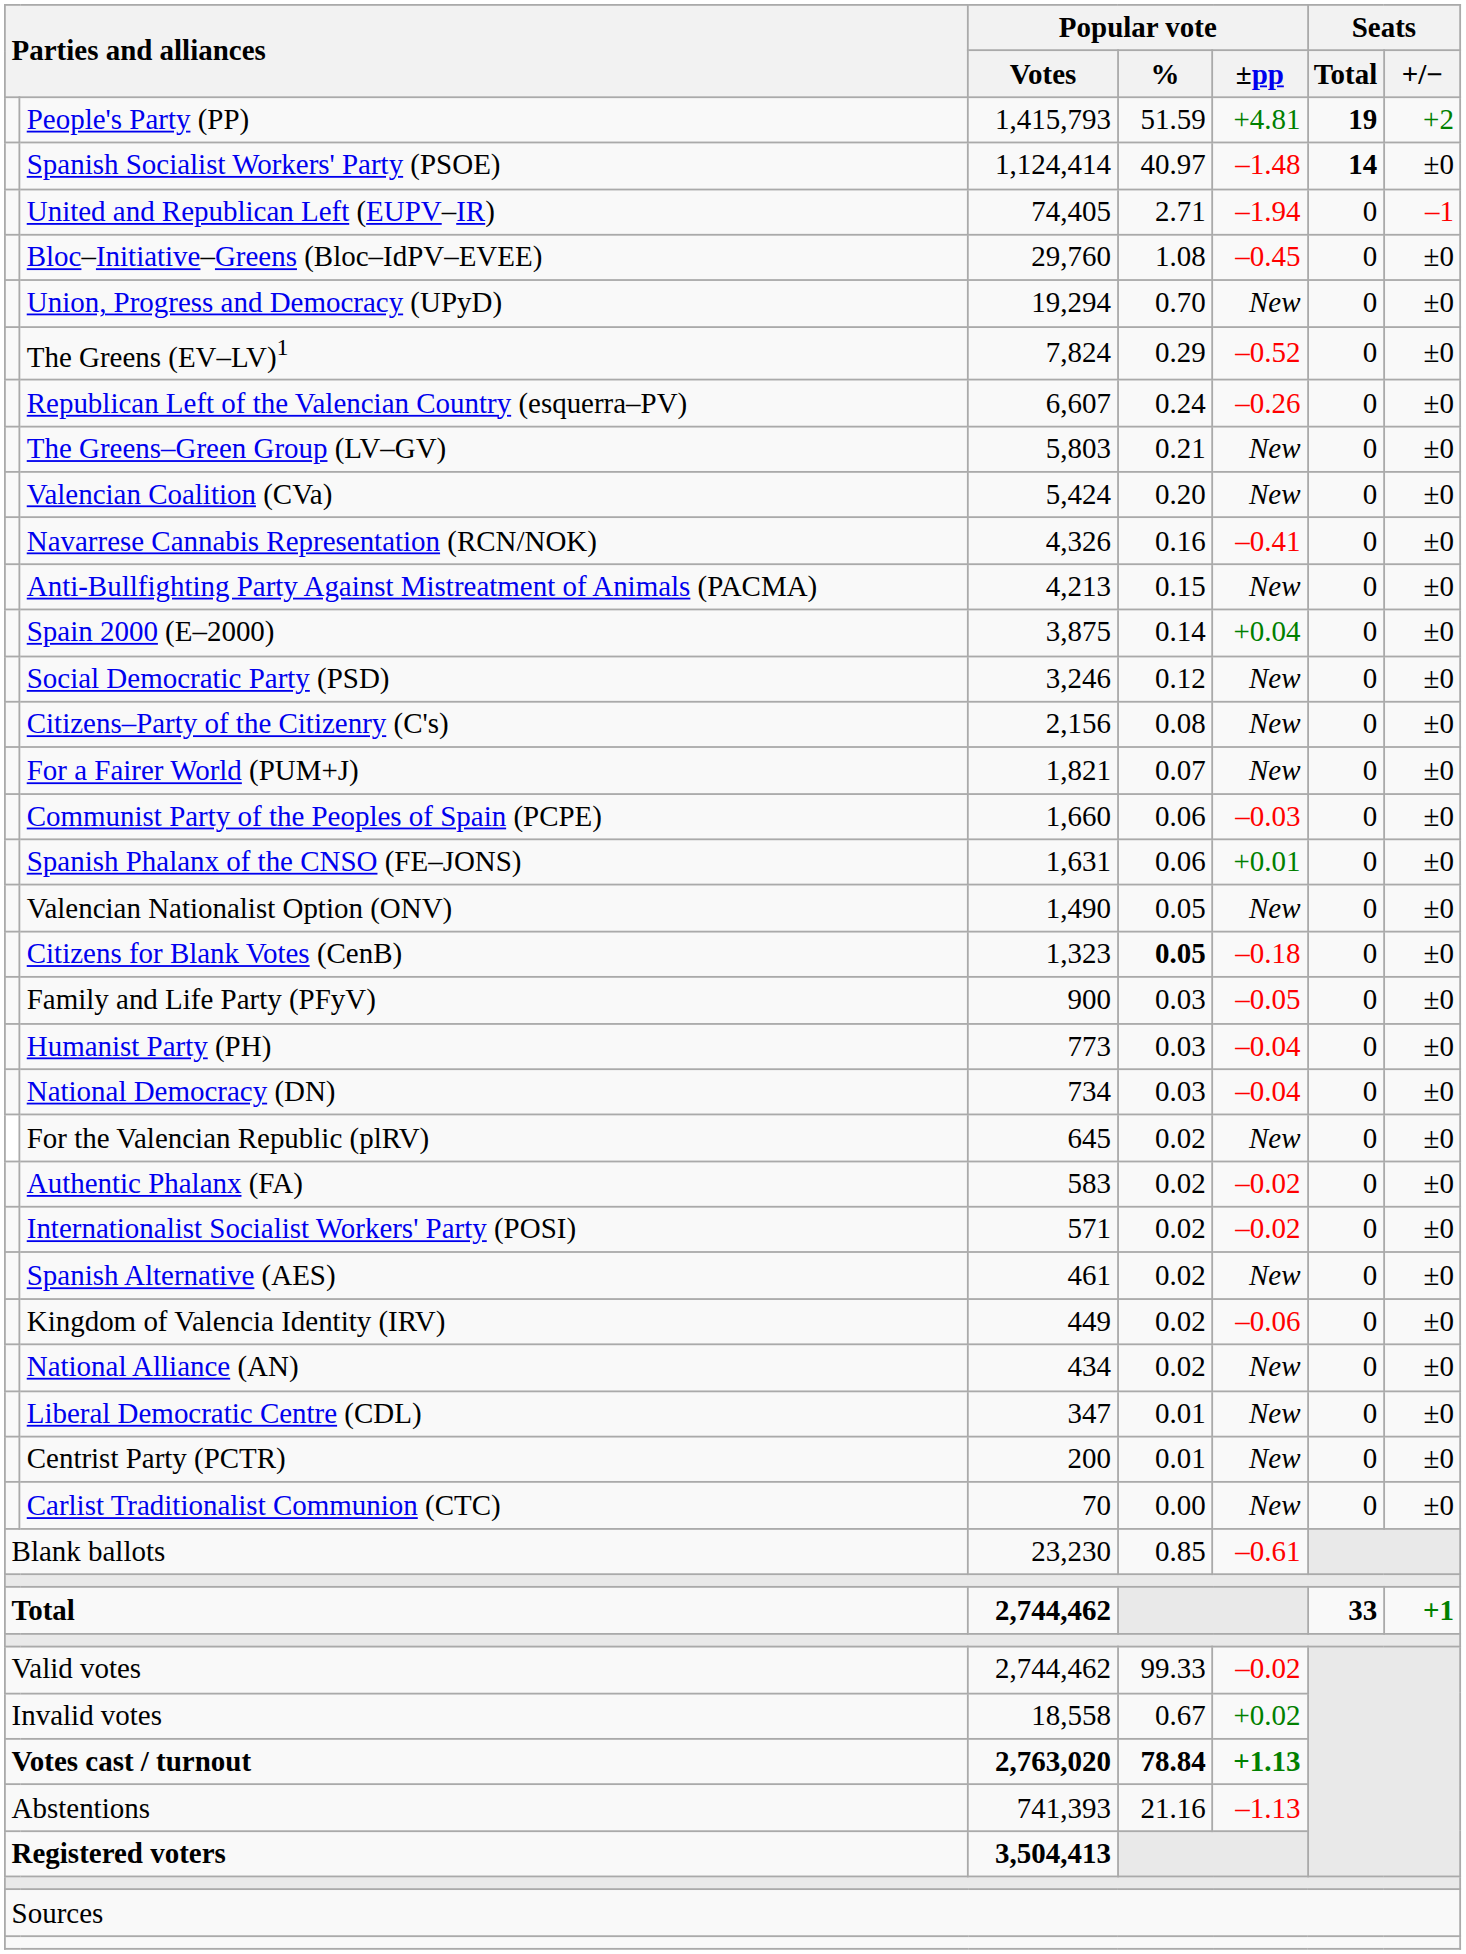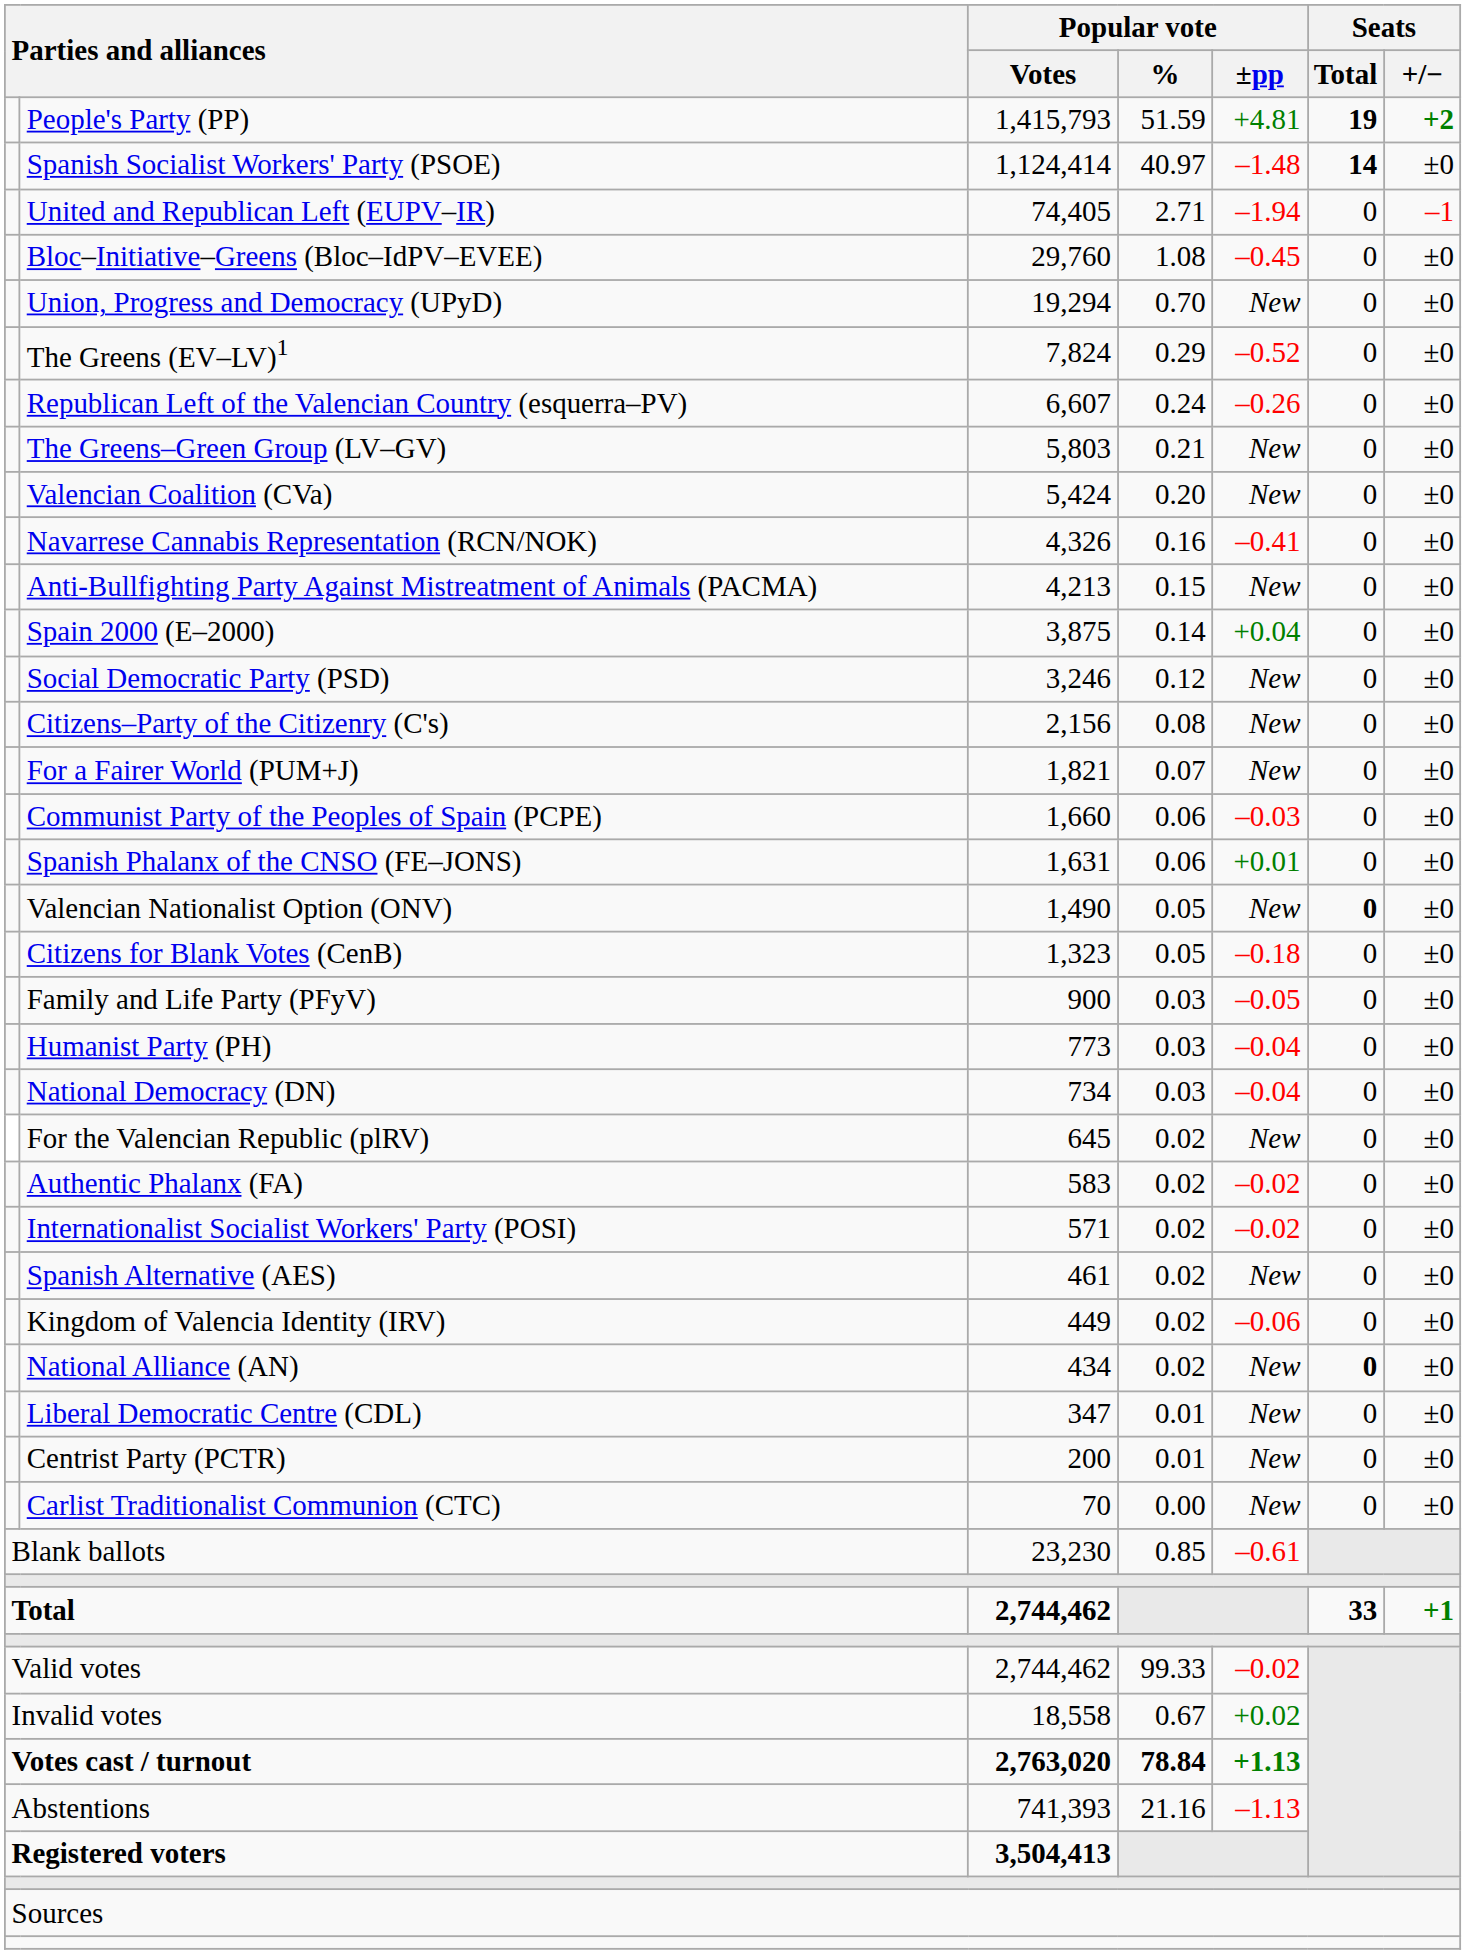 <table class="wikitable" style="text-align:right;">
 <tr>
 <th style="text-align:left;" rowspan="2" colspan="2" width="525">Parties and alliances</th>
 <th colspan="3">Popular vote</th>
 <th colspan="2">Seats</th>
 </tr>
 <tr>
 <th width="75">Votes</th>
 <th width="45">%</th>
 <th width="45">±<a href='#'>pp</a></th>
 <th width="35">Total</th>
 <th width="35">+/−</th>
 </tr>
 <tr>
 <td width="1" style="color:inherit;background:"></td>
 <td align="left"><a href='#'>People's Party</a> (PP)</td>
 <td>1,415,793</td>
 <td>51.59</td>
 <td style="color:green;">+4.81</td>
 <td><strong>19</strong></td>
-<td style="color:green;">+2</td>
+<td style="color:green;"><strong>+2</strong></td>
 </tr>
 <tr>
 <td style="color:inherit;background:"></td>
 <td align="left"><a href='#'>Spanish Socialist Workers' Party</a> (PSOE)</td>
 <td>1,124,414</td>
 <td>40.97</td>
 <td style="color:red;">–1.48</td>
 <td><strong>14</strong></td>
 <td>±0</td>
 </tr>
 <tr>
 <td style="color:inherit;background:"></td>
 <td align="left"><a href='#'>United and Republican Left</a> (<a href='#'>EUPV</a>–<a href='#'>IR</a>)</td>
 <td>74,405</td>
 <td>2.71</td>
 <td style="color:red;">–1.94</td>
 <td>0</td>
 <td style="color:red;">–1</td>
 </tr>
 <tr>
 <td style="color:inherit;background:"></td>
 <td align="left"><a href='#'>Bloc</a>–<a href='#'>Initiative</a>–<a href='#'>Greens</a> (Bloc–IdPV–EVEE)</td>
 <td>29,760</td>
 <td>1.08</td>
 <td style="color:red;">–0.45</td>
 <td>0</td>
 <td>±0</td>
 </tr>
 <tr>
 <td style="color:inherit;background:"></td>
 <td align="left"><a href='#'>Union, Progress and Democracy</a> (UPyD)</td>
 <td>19,294</td>
 <td>0.70</td>
 <td><em>New</em></td>
 <td>0</td>
 <td>±0</td>
 </tr>
 <tr>
 <td style="color:inherit;background:"></td>
 <td align="left">The Greens (EV–LV)<sup>1</sup></td>
 <td>7,824</td>
 <td>0.29</td>
 <td style="color:red;">–0.52</td>
 <td>0</td>
 <td>±0</td>
 </tr>
 <tr>
 <td style="color:inherit;background:"></td>
 <td align="left"><a href='#'>Republican Left of the Valencian Country</a> (esquerra–PV)</td>
 <td>6,607</td>
 <td>0.24</td>
 <td style="color:red;">–0.26</td>
 <td>0</td>
 <td>±0</td>
 </tr>
 <tr>
 <td style="color:inherit;background:"></td>
 <td align="left"><a href='#'>The Greens–Green Group</a> (LV–GV)</td>
 <td>5,803</td>
 <td>0.21</td>
 <td><em>New</em></td>
 <td>0</td>
 <td>±0</td>
 </tr>
 <tr>
 <td style="color:inherit;background:"></td>
 <td align="left"><a href='#'>Valencian Coalition</a> (CVa)</td>
 <td>5,424</td>
 <td>0.20</td>
 <td><em>New</em></td>
 <td>0</td>
 <td>±0</td>
 </tr>
 <tr>
 <td style="color:inherit;background:"></td>
 <td align="left"><a href='#'>Navarrese Cannabis Representation</a> (RCN/NOK)</td>
 <td>4,326</td>
 <td>0.16</td>
 <td style="color:red;">–0.41</td>
 <td>0</td>
 <td>±0</td>
 </tr>
 <tr>
 <td style="color:inherit;background:"></td>
 <td align="left"><a href='#'>Anti-Bullfighting Party Against Mistreatment of Animals</a> (PACMA)</td>
 <td>4,213</td>
 <td>0.15</td>
 <td><em>New</em></td>
 <td>0</td>
 <td>±0</td>
 </tr>
 <tr>
 <td style="color:inherit;background:"></td>
 <td align="left"><a href='#'>Spain 2000</a> (E–2000)</td>
 <td>3,875</td>
 <td>0.14</td>
 <td style="color:green;">+0.04</td>
 <td>0</td>
 <td>±0</td>
 </tr>
 <tr>
 <td style="color:inherit;background:"></td>
 <td align="left"><a href='#'>Social Democratic Party</a> (PSD)</td>
 <td>3,246</td>
 <td>0.12</td>
 <td><em>New</em></td>
 <td>0</td>
 <td>±0</td>
 </tr>
 <tr>
 <td style="color:inherit;background:"></td>
 <td align="left"><a href='#'>Citizens–Party of the Citizenry</a> (C's)</td>
 <td>2,156</td>
 <td>0.08</td>
 <td><em>New</em></td>
 <td>0</td>
 <td>±0</td>
 </tr>
 <tr>
 <td style="color:inherit;background:"></td>
 <td align="left"><a href='#'>For a Fairer World</a> (PUM+J)</td>
 <td>1,821</td>
 <td>0.07</td>
 <td><em>New</em></td>
 <td>0</td>
 <td>±0</td>
 </tr>
 <tr>
 <td style="color:inherit;background:"></td>
 <td align="left"><a href='#'>Communist Party of the Peoples of Spain</a> (PCPE)</td>
 <td>1,660</td>
 <td>0.06</td>
 <td style="color:red;">–0.03</td>
 <td>0</td>
 <td>±0</td>
 </tr>
 <tr>
 <td style="color:inherit;background:"></td>
 <td align="left"><a href='#'>Spanish Phalanx of the CNSO</a> (FE–JONS)</td>
 <td>1,631</td>
 <td>0.06</td>
 <td style="color:green;">+0.01</td>
 <td>0</td>
 <td>±0</td>
 </tr>
 <tr>
 <td style="color:inherit;background:"></td>
 <td align="left">Valencian Nationalist Option (ONV)</td>
 <td>1,490</td>
 <td>0.05</td>
 <td><em>New</em></td>
-<td>0</td>
+<td><strong>0</strong></td>
 <td>±0</td>
 </tr>
 <tr>
 <td style="color:inherit;background:"></td>
 <td align="left"><a href='#'>Citizens for Blank Votes</a> (CenB)</td>
 <td>1,323</td>
-<td><strong>0.05</strong></td>
+<td>0.05</td>
 <td style="color:red;">–0.18</td>
 <td>0</td>
 <td>±0</td>
 </tr>
 <tr>
 <td style="color:inherit;background:"></td>
 <td align="left">Family and Life Party (PFyV)</td>
 <td>900</td>
 <td>0.03</td>
 <td style="color:red;">–0.05</td>
 <td>0</td>
 <td>±0</td>
 </tr>
 <tr>
 <td style="color:inherit;background:"></td>
 <td align="left"><a href='#'>Humanist Party</a> (PH)</td>
 <td>773</td>
 <td>0.03</td>
 <td style="color:red;">–0.04</td>
 <td>0</td>
 <td>±0</td>
 </tr>
 <tr>
 <td style="color:inherit;background:"></td>
 <td align="left"><a href='#'>National Democracy</a> (DN)</td>
 <td>734</td>
 <td>0.03</td>
 <td style="color:red;">–0.04</td>
 <td>0</td>
 <td>±0</td>
 </tr>
 <tr>
 <td bgcolor="white"></td>
 <td align="left">For the Valencian Republic (plRV)</td>
 <td>645</td>
 <td>0.02</td>
 <td><em>New</em></td>
 <td>0</td>
 <td>±0</td>
 </tr>
 <tr>
 <td style="color:inherit;background:"></td>
 <td align="left"><a href='#'>Authentic Phalanx</a> (FA)</td>
 <td>583</td>
 <td>0.02</td>
 <td style="color:red;">–0.02</td>
 <td>0</td>
 <td>±0</td>
 </tr>
 <tr>
 <td style="color:inherit;background:"></td>
 <td align="left"><a href='#'>Internationalist Socialist Workers' Party</a> (POSI)</td>
 <td>571</td>
 <td>0.02</td>
 <td style="color:red;">–0.02</td>
 <td>0</td>
 <td>±0</td>
 </tr>
 <tr>
 <td style="color:inherit;background:"></td>
 <td align="left"><a href='#'>Spanish Alternative</a> (AES)</td>
 <td>461</td>
 <td>0.02</td>
 <td><em>New</em></td>
 <td>0</td>
 <td>±0</td>
 </tr>
 <tr>
 <td style="color:inherit;background:"></td>
 <td align="left">Kingdom of Valencia Identity (IRV)</td>
 <td>449</td>
 <td>0.02</td>
 <td style="color:red;">–0.06</td>
 <td>0</td>
 <td>±0</td>
 </tr>
 <tr>
 <td style="color:inherit;background:"></td>
 <td align="left"><a href='#'>National Alliance</a> (AN)</td>
 <td>434</td>
 <td>0.02</td>
 <td><em>New</em></td>
-<td>0</td>
+<td><strong>0</strong></td>
 <td>±0</td>
 </tr>
 <tr>
 <td style="color:inherit;background:"></td>
 <td align="left"><a href='#'>Liberal Democratic Centre</a> (CDL)</td>
 <td>347</td>
 <td>0.01</td>
 <td><em>New</em></td>
 <td>0</td>
 <td>±0</td>
 </tr>
 <tr>
 <td style="color:inherit;background:"></td>
 <td align="left">Centrist Party (PCTR)</td>
 <td>200</td>
 <td>0.01</td>
 <td><em>New</em></td>
 <td>0</td>
 <td>±0</td>
 </tr>
 <tr>
 <td style="color:inherit;background:"></td>
 <td align="left"><a href='#'>Carlist Traditionalist Communion</a> (CTC)</td>
 <td>70</td>
 <td>0.00</td>
 <td><em>New</em></td>
 <td>0</td>
 <td>±0</td>
 </tr>
 <tr>
 <td align="left" colspan="2">Blank ballots</td>
 <td>23,230</td>
 <td>0.85</td>
 <td style="color:red;">–0.61</td>
 <td bgcolor="#E9E9E9" colspan="2"></td>
 </tr>
 <tr>
 <td colspan="7" bgcolor="#E9E9E9"></td>
 </tr>
 <tr style="font-weight:bold;">
 <td align="left" colspan="2">Total</td>
 <td>2,744,462</td>
 <td bgcolor="#E9E9E9" colspan="2"></td>
 <td>33</td>
 <td style="color:green;">+1</td>
 </tr>
 <tr>
 <td colspan="7" bgcolor="#E9E9E9"></td>
 </tr>
 <tr>
 <td align="left" colspan="2">Valid votes</td>
 <td>2,744,462</td>
 <td>99.33</td>
 <td style="color:red;">–0.02</td>
 <td bgcolor="#E9E9E9" colspan="2" rowspan="5"></td>
 </tr>
 <tr>
 <td align="left" colspan="2">Invalid votes</td>
 <td>18,558</td>
 <td>0.67</td>
 <td style="color:green;">+0.02</td>
 </tr>
 <tr style="font-weight:bold;">
 <td align="left" colspan="2">Votes cast / turnout</td>
 <td>2,763,020</td>
 <td>78.84</td>
 <td style="color:green;">+1.13</td>
 </tr>
 <tr>
 <td align="left" colspan="2">Abstentions</td>
 <td>741,393</td>
 <td>21.16</td>
 <td style="color:red;">–1.13</td>
 </tr>
 <tr style="font-weight:bold;">
 <td align="left" colspan="2">Registered voters</td>
 <td>3,504,413</td>
 <td bgcolor="#E9E9E9" colspan="2"></td>
 </tr>
 <tr>
 <td colspan="7" bgcolor="#E9E9E9"></td>
 </tr>
 <tr>
 <td align="left" colspan="7">Sources</td>
 </tr>
 <tr>
 <td colspan="7" style="text-align:left; max-width:790px;"></td>
 </tr>
 </table>
